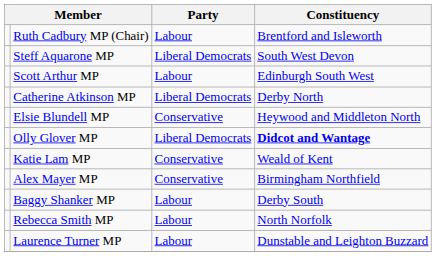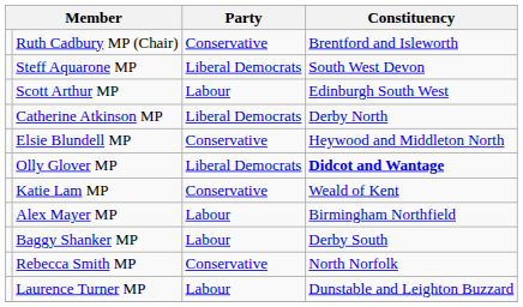 <table class="wikitable">
 <tr>
 <th colspan="2" valign="top">Member</th>
 <th valign="top">Party</th>
 <th colspan="2" valign="top">Constituency</th>
 </tr>
 <tr>
 <td style="color:inherit;background:"></td>
 <td><a href='#'>Ruth Cadbury</a> MP (Chair)</td>
-<td><a href='#'>Labour</a></td>
+<td><a href='#'>Conservative</a></td>
 <td><a href='#'>Brentford and Isleworth</a></td>
 </tr>
 <tr>
 <td style="color:inherit;background:"></td>
 <td><a href='#'>Steff Aquarone</a> MP</td>
 <td><a href='#'>Liberal Democrats</a></td>
 <td><a href='#'>South West Devon</a></td>
 </tr>
 <tr>
 <td style="color:inherit;background:"></td>
 <td><a href='#'>Scott Arthur</a> MP</td>
 <td><a href='#'>Labour</a></td>
 <td><a href='#'>Edinburgh South West</a></td>
 </tr>
 <tr>
 <td style="color:inherit;background:"></td>
 <td><a href='#'>Catherine Atkinson</a> MP</td>
 <td><a href='#'>Liberal Democrats</a></td>
 <td><a href='#'>Derby North</a></td>
 </tr>
 <tr>
 <td style="color:inherit;background:"></td>
 <td><a href='#'>Elsie Blundell</a> MP</td>
 <td><a href='#'>Conservative</a></td>
 <td><a href='#'>Heywood and Middleton North</a></td>
 </tr>
 <tr>
 <td style="color:inherit;background:"></td>
 <td><a href='#'>Olly Glover</a> MP</td>
 <td><a href='#'>Liberal Democrats</a></td>
 <td><strong><a href='#'>Didcot and Wantage</a></strong></td>
 </tr>
 <tr>
 <td style="color:inherit;background:"></td>
 <td><a href='#'>Katie Lam</a> MP</td>
 <td><a href='#'>Conservative</a></td>
 <td><a href='#'>Weald of Kent</a></td>
 </tr>
 <tr>
 <td style="color:inherit;background:"></td>
 <td><a href='#'>Alex Mayer</a> MP</td>
-<td><a href='#'>Conservative</a></td>
+<td><a href='#'>Labour</a></td>
 <td><a href='#'>Birmingham Northfield</a></td>
 </tr>
 <tr>
 <td style="color:inherit;background:"></td>
 <td><a href='#'>Baggy Shanker</a> MP</td>
 <td><a href='#'>Labour</a></td>
 <td><a href='#'>Derby South</a></td>
 </tr>
 <tr>
 <td style="color:inherit;background:"></td>
 <td><a href='#'>Rebecca Smith</a> MP</td>
-<td><a href='#'>Labour</a></td>
+<td><a href='#'>Conservative</a></td>
 <td><a href='#'>North Norfolk</a></td>
 </tr>
 <tr>
 <td style="color:inherit;background:"></td>
 <td><a href='#'>Laurence Turner</a> MP</td>
 <td><a href='#'>Labour</a></td>
 <td><a href='#'>Dunstable and Leighton Buzzard</a></td>
 </tr>
 <tr>
 </tr>
 </table>
